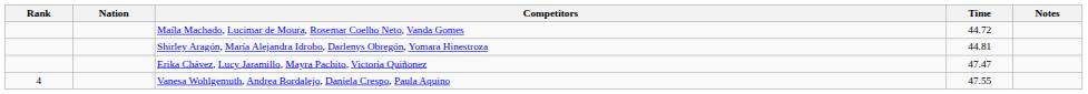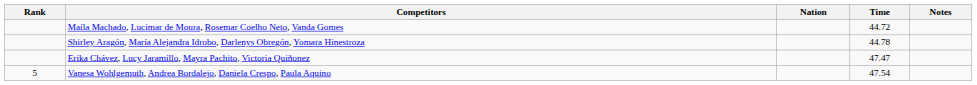 <table class="wikitable sortable" width=80% style="text-align:center; font-size:95%">
 <tr>
 <th>Rank</th>
+<th>Competitors</th>
 <th>Nation</th>
-<th>Competitors</th>
 <th>Time</th>
 <th>Notes</th>
 </tr>
 <tr>
 <td></td>
+<td align=left><a href='#'>Maíla Machado</a>, <a href='#'>Lucimar de Moura</a>, <a href='#'>Rosemar Coelho Neto</a>, <a href='#'>Vanda Gomes</a></td>
 <td align=left></td>
-<td align=left><a href='#'>Maíla Machado</a>, <a href='#'>Lucimar de Moura</a>, <a href='#'>Rosemar Coelho Neto</a>, <a href='#'>Vanda Gomes</a></td>
 <td>44.72</td>
 <td></td>
 </tr>
 <tr>
 <td></td>
+<td align=left><a href='#'>Shirley Aragón</a>, <a href='#'>María Alejandra Idrobo</a>, <a href='#'>Darlenys Obregón</a>, <a href='#'>Yomara Hinestroza</a></td>
 <td align=left></td>
-<td align=left><a href='#'>Shirley Aragón</a>, <a href='#'>María Alejandra Idrobo</a>, <a href='#'>Darlenys Obregón</a>, <a href='#'>Yomara Hinestroza</a></td>
-<td>44.81</td>
+<td>44.78</td>
 <td></td>
 </tr>
 <tr>
 <td></td>
+<td align=left><a href='#'>Erika Chávez</a>, <a href='#'>Lucy Jaramillo</a>, <a href='#'>Mayra Pachito</a>, <a href='#'>Victoria Quiñonez</a></td>
 <td align=left></td>
-<td align=left><a href='#'>Erika Chávez</a>, <a href='#'>Lucy Jaramillo</a>, <a href='#'>Mayra Pachito</a>, <a href='#'>Victoria Quiñonez</a></td>
 <td>47.47</td>
 <td></td>
 </tr>
 <tr>
-<td>4</td>
+<td>5</td>
+<td align=left><a href='#'>Vanesa Wohlgemuth</a>, <a href='#'>Andrea Bordalejo</a>, <a href='#'>Daniela Crespo</a>, <a href='#'>Paula Aquino</a></td>
 <td align=left></td>
-<td align=left><a href='#'>Vanesa Wohlgemuth</a>, <a href='#'>Andrea Bordalejo</a>, <a href='#'>Daniela Crespo</a>, <a href='#'>Paula Aquino</a></td>
-<td>47.55</td>
+<td>47.54</td>
 <td></td>
 </tr>
 </table>
